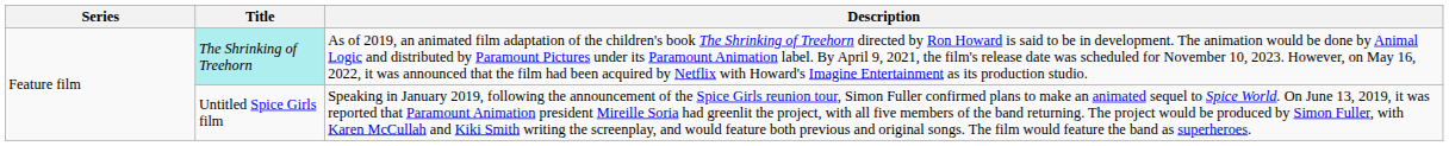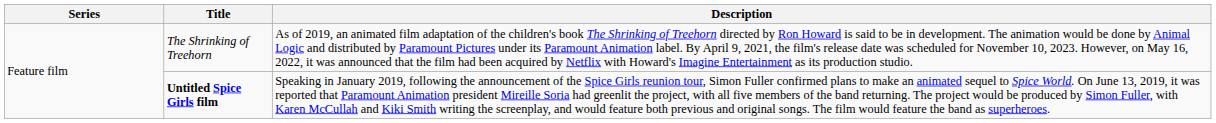 <table class="wikitable">
 <tr>
 <th style="width:150pt;">Series</th>
 <th style="width:100pt;">Title</th>
 <th>Description</th>
 </tr>
 <tr>
 <td rowspan="2">Feature film</td>
-<td style="background: paleturquoise;"><em>The Shrinking of Treehorn</em></td>
+<td><em>The Shrinking of Treehorn</em></td>
 <td>As of 2019, an animated film adaptation of the children's book <em><a href='#'>The Shrinking of Treehorn</a></em> directed by <a href='#'>Ron Howard</a> is said to be in development. The animation would be done by <a href='#'>Animal Logic</a> and distributed by <a href='#'>Paramount Pictures</a> under its <a href='#'>Paramount Animation</a> label. By April 9, 2021, the film's release date was scheduled for November 10, 2023. However, on May 16, 2022, it was announced that the film had been acquired by <a href='#'>Netflix</a> with Howard's <a href='#'>Imagine Entertainment</a> as its production studio.</td>
 </tr>
 <tr>
-<td>Untitled <a href='#'>Spice Girls</a> film</td>
+<td><strong>Untitled <a href='#'>Spice Girls</a> film</strong></td>
 <td>Speaking in January 2019, following the announcement of the <a href='#'>Spice Girls reunion tour</a>, Simon Fuller confirmed plans to make an <a href='#'>animated</a> sequel to <em><a href='#'>Spice World</a>.</em> On June 13, 2019, it was reported that <a href='#'>Paramount Animation</a> president <a href='#'>Mireille Soria</a> had greenlit the project, with all five members of the band returning. The project would be produced by <a href='#'>Simon Fuller</a>, with <a href='#'>Karen McCullah</a> and <a href='#'>Kiki Smith</a> writing the screenplay, and would feature both previous and original songs. The film would feature the band as <a href='#'>superheroes</a>.</td>
 </tr>
 </table>
